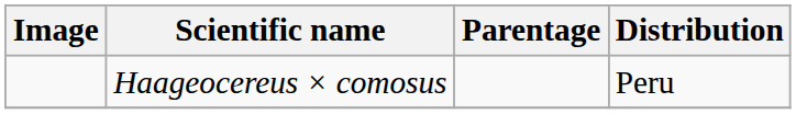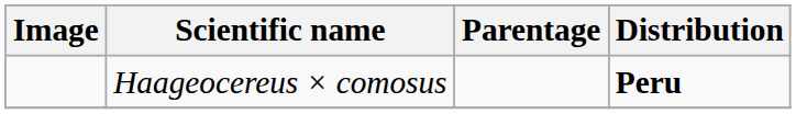 <table class="wikitable">
 <tr>
 <th>Image</th>
 <th>Scientific name</th>
 <th>Parentage</th>
 <th>Distribution</th>
 </tr>
 <tr>
 <td></td>
 <td><em>Haageocereus × comosus</em> </td>
 <td></td>
-<td>Peru</td>
+<td><strong>Peru</strong></td>
 </tr>
 <tr>
 </tr>
 </table>
